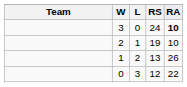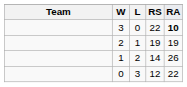 <table class=wikitable style=text-align:center>
 <tr>
 </tr>
 <tr bgcolor=eaecf0>
 <th width=170>Team</th>
 <th width=20>W</th>
 <th width=20>L</th>
 <th width=20>RS</th>
 <td width=20><strong>RA</strong></td>
 </tr>
 <tr bgcolor=>
 <td align=left></td>
 <td>3</td>
 <td>0</td>
-<td>24</td>
+<td>22</td>
 <td><strong>10</strong></td>
 </tr>
 <tr bgcolor=>
 <td align=left></td>
 <td>2</td>
 <td>1</td>
 <td>19</td>
-<td>10</td>
+<td>19</td>
 </tr>
 <tr bgcolor=>
 <td align=left></td>
 <td>1</td>
 <td>2</td>
-<td>13</td>
+<td>14</td>
 <td>26</td>
 </tr>
 <tr bgcolor=>
 <td align=left></td>
 <td>0</td>
 <td>3</td>
 <td>12</td>
 <td>22</td>
 </tr>
 </table>
